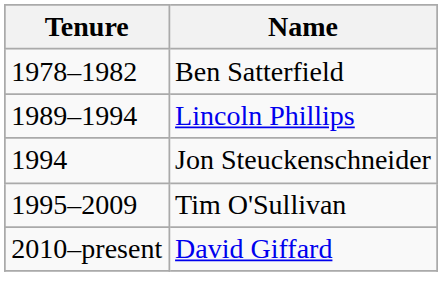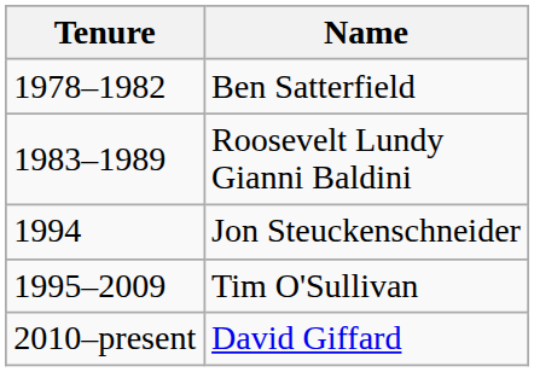 <table class= wikitable>
 <tr>
 <th width=px>Tenure</th>
 <th width=px>Name</th>
 </tr>
 <tr>
 <td>1978–1982</td>
 <td> Ben Satterfield</td>
 </tr>
 <tr>
-<td>1989–1994</td>
-<td> <a href='#'>Lincoln Phillips</a></td>
+<td>1983–1989</td>
+<td> Roosevelt Lundy<br> Gianni Baldini </td>
 </tr>
 <tr>
 <td>1994</td>
 <td> Jon Steuckenschneider</td>
 </tr>
 <tr>
 <td>1995–2009</td>
 <td> Tim O'Sullivan </td>
 </tr>
 <tr>
 <td>2010–present</td>
 <td> <a href='#'>David Giffard</a></td>
 </tr>
 </table>
